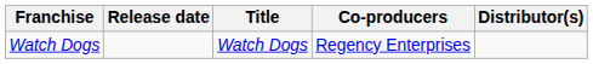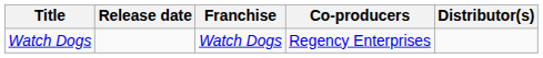 <table class="wikitable sortable" style="text-align:center;">
 <tr>
+<th>Title</th>
+<th>Release date</th>
 <th>Franchise</th>
-<th>Release date</th>
-<th>Title</th>
 <th>Co-producers</th>
 <th>Distributor(s)</th>
 </tr>
 <tr>
 <td><em><a href='#'>Watch Dogs</a></em></td>
 <td></td>
 <td><em><a href='#'>Watch Dogs</a></em></td>
 <td><a href='#'>Regency Enterprises</a></td>
 <td></td>
 </tr>
 </table>
